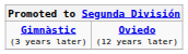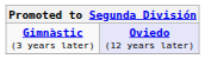 <table class="wikitable" style="text-align: center; margin: 0 auto;">
 <tr>
 <th colspan=2>Promoted to <a href='#'>Segunda División</a></th>
 </tr>
 <tr>
 <td><strong><a href='#'>Gimnàstic</a></strong><br><small>(3 years later)</small></td>
-<td><strong><a href='#'>Oviedo</a></strong><br><small>(12 years later)</small></td>
+<td style="background: lavender;"><strong><a href='#'>Oviedo</a></strong><br><small>(12 years later)</small></td>
 </tr>
 <tr>
 </tr>
 </table>
